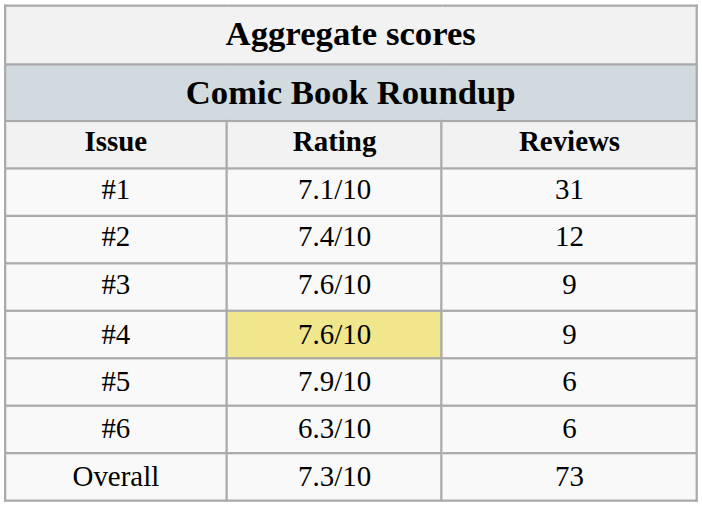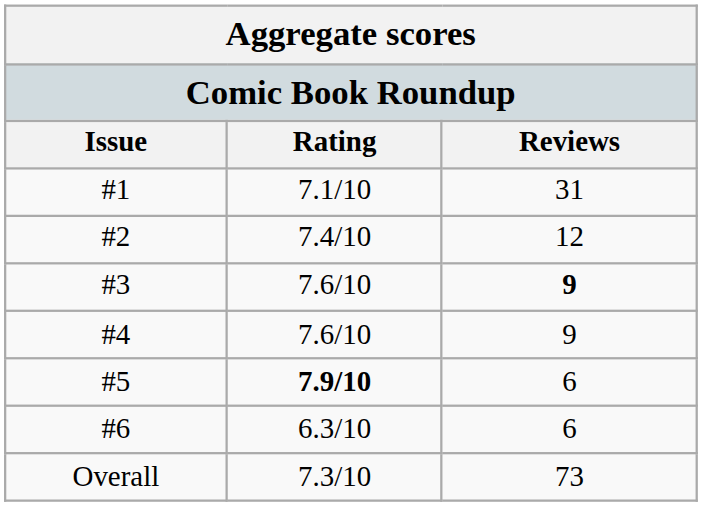 <table class="wikitable" style="float: right; width:24em; font-size: 80%; text-align: center; margin:0.5em 0 0.5em 1em; padding:0;" cellpadding="0" cellspacing="0">
 <tr>
 <th colspan="3" style="font-size:120%;">Aggregate scores</th>
 </tr>
 <tr>
 <th colspan="3" style="background:#d1dbdf;font-size:120%;">Comic Book Roundup</th>
 </tr>
 <tr>
 <th>Issue</th>
 <th>Rating</th>
 <th>Reviews</th>
 </tr>
 <tr>
 <td style="text-align: center;">#1</td>
 <td style="text-align: center;">7.1/10</td>
 <td style="text-align: center;">31</td>
 </tr>
 <tr>
 <td style="text-align: center;">#2</td>
 <td style="text-align: center;">7.4/10</td>
 <td style="text-align: center;">12</td>
 </tr>
 <tr>
 <td style="text-align: center;">#3</td>
 <td style="text-align: center;">7.6/10</td>
-<td style="text-align: center;">9</td>
+<td style="text-align: center;"><strong>9</strong></td>
 </tr>
 <tr>
 <td style="text-align: center;">#4</td>
-<td style="background: khaki; text-align: center;">7.6/10</td>
+<td style="text-align: center;">7.6/10</td>
 <td style="text-align: center;">9</td>
 </tr>
 <tr>
 <td style="text-align: center;">#5</td>
-<td style="text-align: center;">7.9/10</td>
+<td style="text-align: center;"><strong>7.9/10</strong></td>
 <td style="text-align: center;">6</td>
 </tr>
 <tr>
 <td style="text-align: center;">#6</td>
 <td style="text-align: center;">6.3/10</td>
 <td style="text-align: center;">6</td>
 </tr>
 <tr>
 <td style="text-align: center;">Overall</td>
 <td style="text-align: center;">7.3/10</td>
 <td style="text-align: center;">73</td>
 </tr>
 </table>
